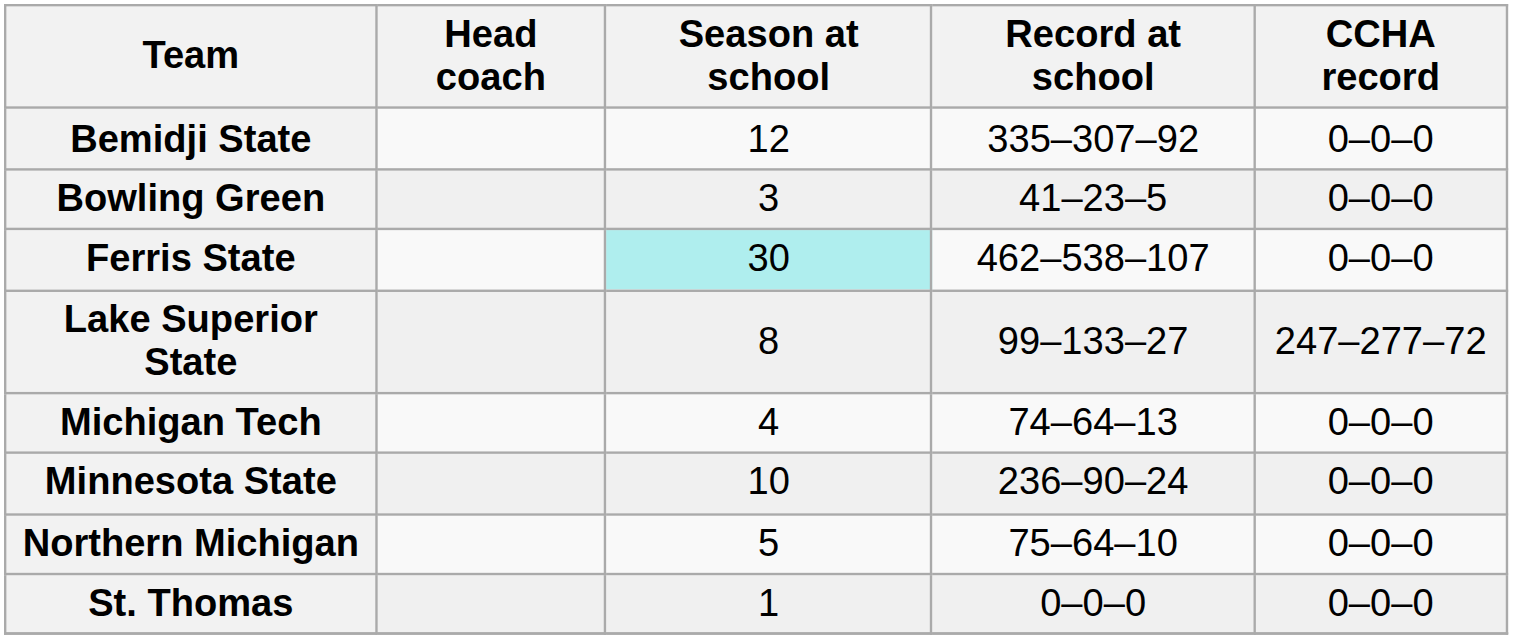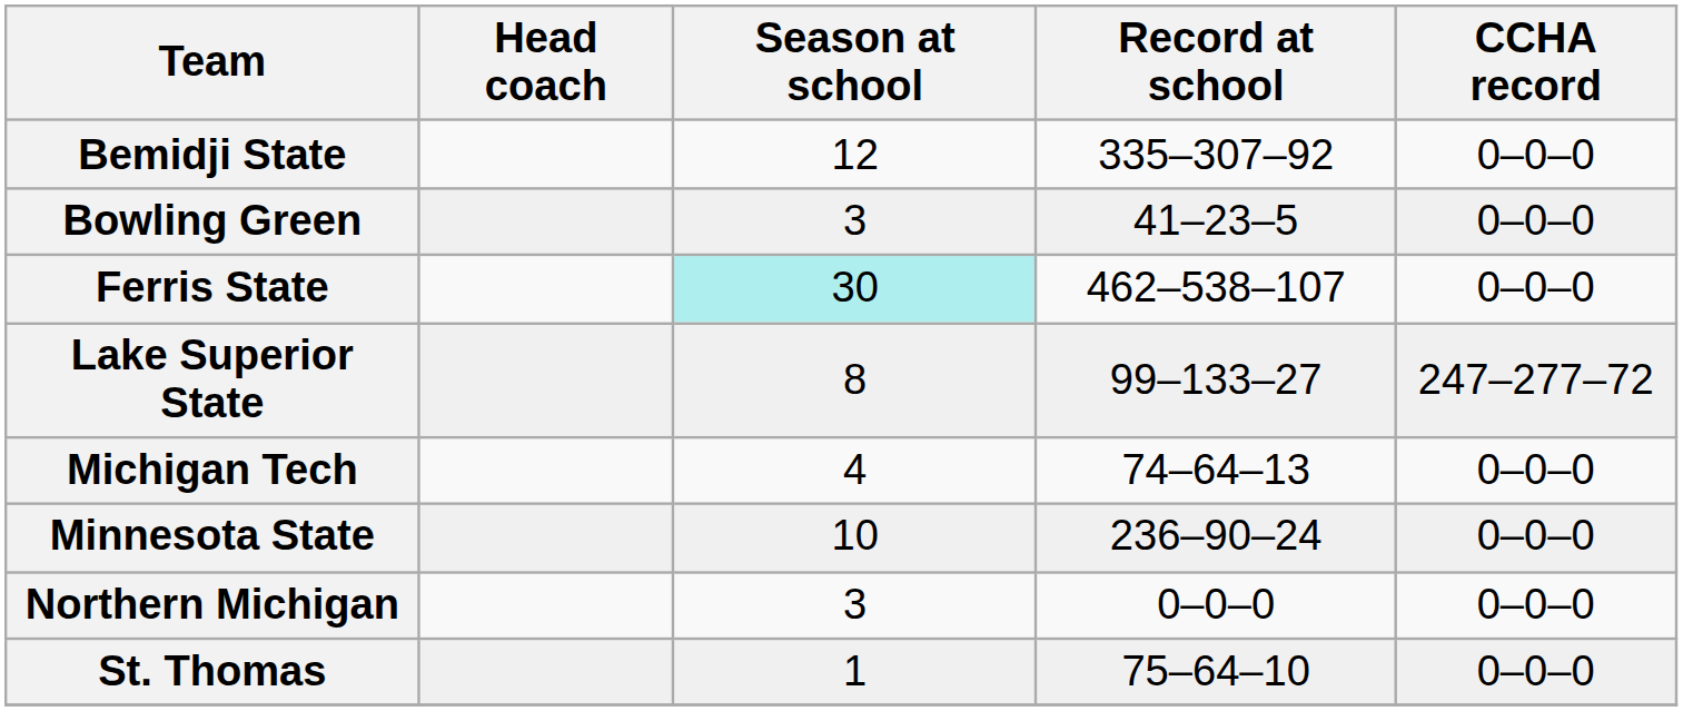 <table class="wikitable sortable" style="text-align: center; "width=50%">
 <tr>
 <th>Team</th>
 <th>Head coach</th>
 <th>Season at school</th>
 <th>Record at school</th>
 <th>CCHA record</th>
 </tr>
 <tr>
 <th>Bemidji State</th>
 <td></td>
 <td>12</td>
 <td>335–307–92</td>
 <td>0–0–0</td>
 </tr>
 <tr bgcolor=f0f0f0>
 <th>Bowling Green</th>
 <td></td>
 <td>3</td>
 <td>41–23–5</td>
 <td>0–0–0</td>
 </tr>
 <tr>
 <th>Ferris State</th>
 <td></td>
 <td style="background: paleturquoise;">30</td>
 <td>462–538–107</td>
 <td>0–0–0</td>
 </tr>
 <tr bgcolor=f0f0f0>
 <th>Lake Superior State</th>
 <td></td>
 <td>8</td>
 <td>99–133–27</td>
 <td>247–277–72</td>
 </tr>
 <tr>
 <th>Michigan Tech</th>
 <td></td>
 <td>4</td>
 <td>74–64–13</td>
 <td>0–0–0</td>
 </tr>
 <tr bgcolor=f0f0f0>
 <th>Minnesota State</th>
 <td></td>
 <td>10</td>
 <td>236–90–24</td>
 <td>0–0–0</td>
 </tr>
 <tr>
 <th>Northern Michigan</th>
 <td></td>
-<td>5</td>
-<td>75–64–10</td>
+<td>3</td>
+<td>0–0–0</td>
 <td>0–0–0</td>
 </tr>
 <tr bgcolor=f0f0f0>
 <th>St. Thomas</th>
 <td></td>
 <td>1</td>
-<td>0–0–0</td>
+<td>75–64–10</td>
 <td>0–0–0</td>
 </tr>
 <tr>
 </tr>
 </table>
